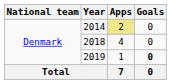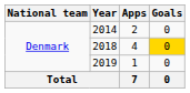 <table class="wikitable" style="text-align: center;">
 <tr>
 <th>National team</th>
 <th>Year</th>
 <th>Apps</th>
 <th>Goals</th>
 </tr>
 <tr>
 <td rowspan="3"><a href='#'>Denmark</a></td>
 <td>2014</td>
-<td style="background: khaki;">2</td>
+<td>2</td>
 <td>0</td>
 </tr>
 <tr>
 <td>2018</td>
 <td>4</td>
-<td>0</td>
+<td style="background: gold;">0</td>
 </tr>
 <tr>
 <td>2019</td>
 <td>1</td>
-<td><strong>0</strong></td>
+<td>0</td>
 </tr>
 <tr>
 <th colspan=2>Total</th>
 <th>7</th>
 <th>0</th>
 </tr>
 </table>
